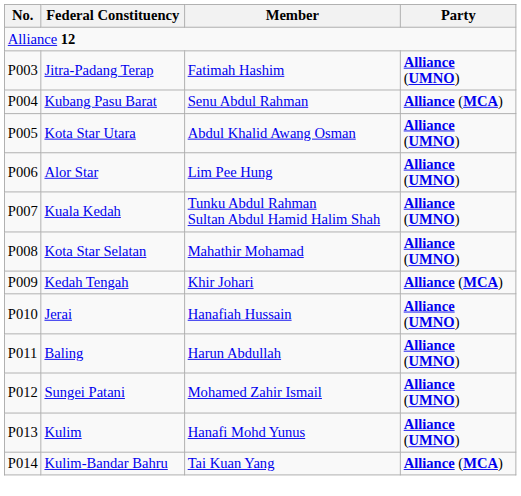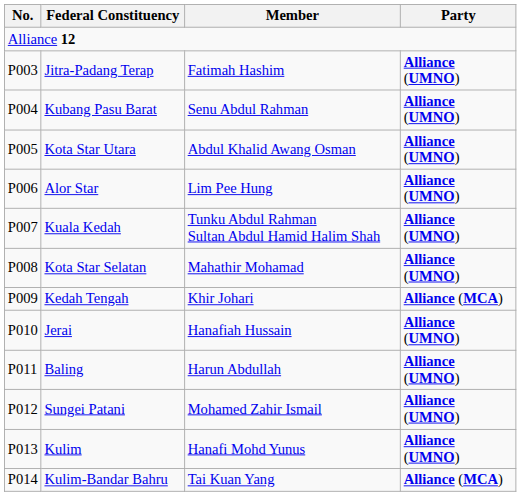 <table class="wikitable sortable">
 <tr>
 <th style="width:30px;">No.</th>
 <th style="width:150px;">Federal Constituency</th>
 <th style="width:230px;">Member</th>
 <th style="width:120px;">Party</th>
 </tr>
 <tr>
 <td colspan="4"><a href='#'>Alliance</a> <strong>12</strong></td>
 </tr>
 <tr>
 <td>P003</td>
 <td><a href='#'>Jitra-Padang Terap</a></td>
 <td><a href='#'>Fatimah Hashim</a></td>
 <td><strong><a href='#'>Alliance</a></strong> (<strong><a href='#'>UMNO</a></strong>)</td>
 </tr>
 <tr>
 <td>P004</td>
 <td><a href='#'>Kubang Pasu Barat</a></td>
 <td><a href='#'>Senu Abdul Rahman</a></td>
-<td><strong><a href='#'>Alliance</a></strong> (<strong><a href='#'>MCA</a></strong>)</td>
+<td><strong><a href='#'>Alliance</a></strong> (<strong><a href='#'>UMNO</a></strong>)</td>
 </tr>
 <tr>
 <td>P005</td>
 <td><a href='#'>Kota Star Utara</a></td>
 <td><a href='#'>Abdul Khalid Awang Osman</a></td>
 <td><strong><a href='#'>Alliance</a></strong> (<strong><a href='#'>UMNO</a></strong>)</td>
 </tr>
 <tr>
 <td>P006</td>
 <td><a href='#'>Alor Star</a></td>
 <td><a href='#'>Lim Pee Hung</a></td>
 <td><strong><a href='#'>Alliance</a></strong> (<strong><a href='#'>UMNO</a></strong>)</td>
 </tr>
 <tr>
 <td>P007</td>
 <td><a href='#'>Kuala Kedah</a></td>
 <td><a href='#'>Tunku Abdul Rahman<br>Sultan Abdul Hamid Halim Shah</a></td>
 <td><strong><a href='#'>Alliance</a></strong> (<strong><a href='#'>UMNO</a></strong>)</td>
 </tr>
 <tr>
 <td>P008</td>
 <td><a href='#'>Kota Star Selatan</a></td>
 <td><a href='#'>Mahathir Mohamad</a></td>
 <td><strong><a href='#'>Alliance</a></strong> (<strong><a href='#'>UMNO</a></strong>)</td>
 </tr>
 <tr>
 <td>P009</td>
 <td><a href='#'>Kedah Tengah</a></td>
 <td><a href='#'>Khir Johari</a></td>
 <td><strong><a href='#'>Alliance</a></strong> (<strong><a href='#'>MCA</a></strong>)</td>
 </tr>
 <tr>
 <td>P010</td>
 <td><a href='#'>Jerai</a></td>
 <td><a href='#'>Hanafiah Hussain</a></td>
 <td><strong><a href='#'>Alliance</a></strong> (<strong><a href='#'>UMNO</a></strong>)</td>
 </tr>
 <tr>
 <td>P011</td>
 <td><a href='#'>Baling</a></td>
 <td><a href='#'>Harun Abdullah</a></td>
 <td><strong><a href='#'>Alliance</a></strong> (<strong><a href='#'>UMNO</a></strong>)</td>
 </tr>
 <tr>
 <td>P012</td>
 <td><a href='#'>Sungei Patani</a></td>
 <td><a href='#'>Mohamed Zahir Ismail</a></td>
 <td><strong><a href='#'>Alliance</a></strong> (<strong><a href='#'>UMNO</a></strong>)</td>
 </tr>
 <tr>
 <td>P013</td>
 <td><a href='#'>Kulim</a></td>
 <td><a href='#'>Hanafi Mohd Yunus</a></td>
 <td><strong><a href='#'>Alliance</a></strong> (<strong><a href='#'>UMNO</a></strong>)</td>
 </tr>
 <tr>
 <td>P014</td>
 <td><a href='#'>Kulim-Bandar Bahru</a></td>
 <td><a href='#'>Tai Kuan Yang</a></td>
 <td><strong><a href='#'>Alliance</a></strong> (<strong><a href='#'>MCA</a></strong>)</td>
 </tr>
 </table>
